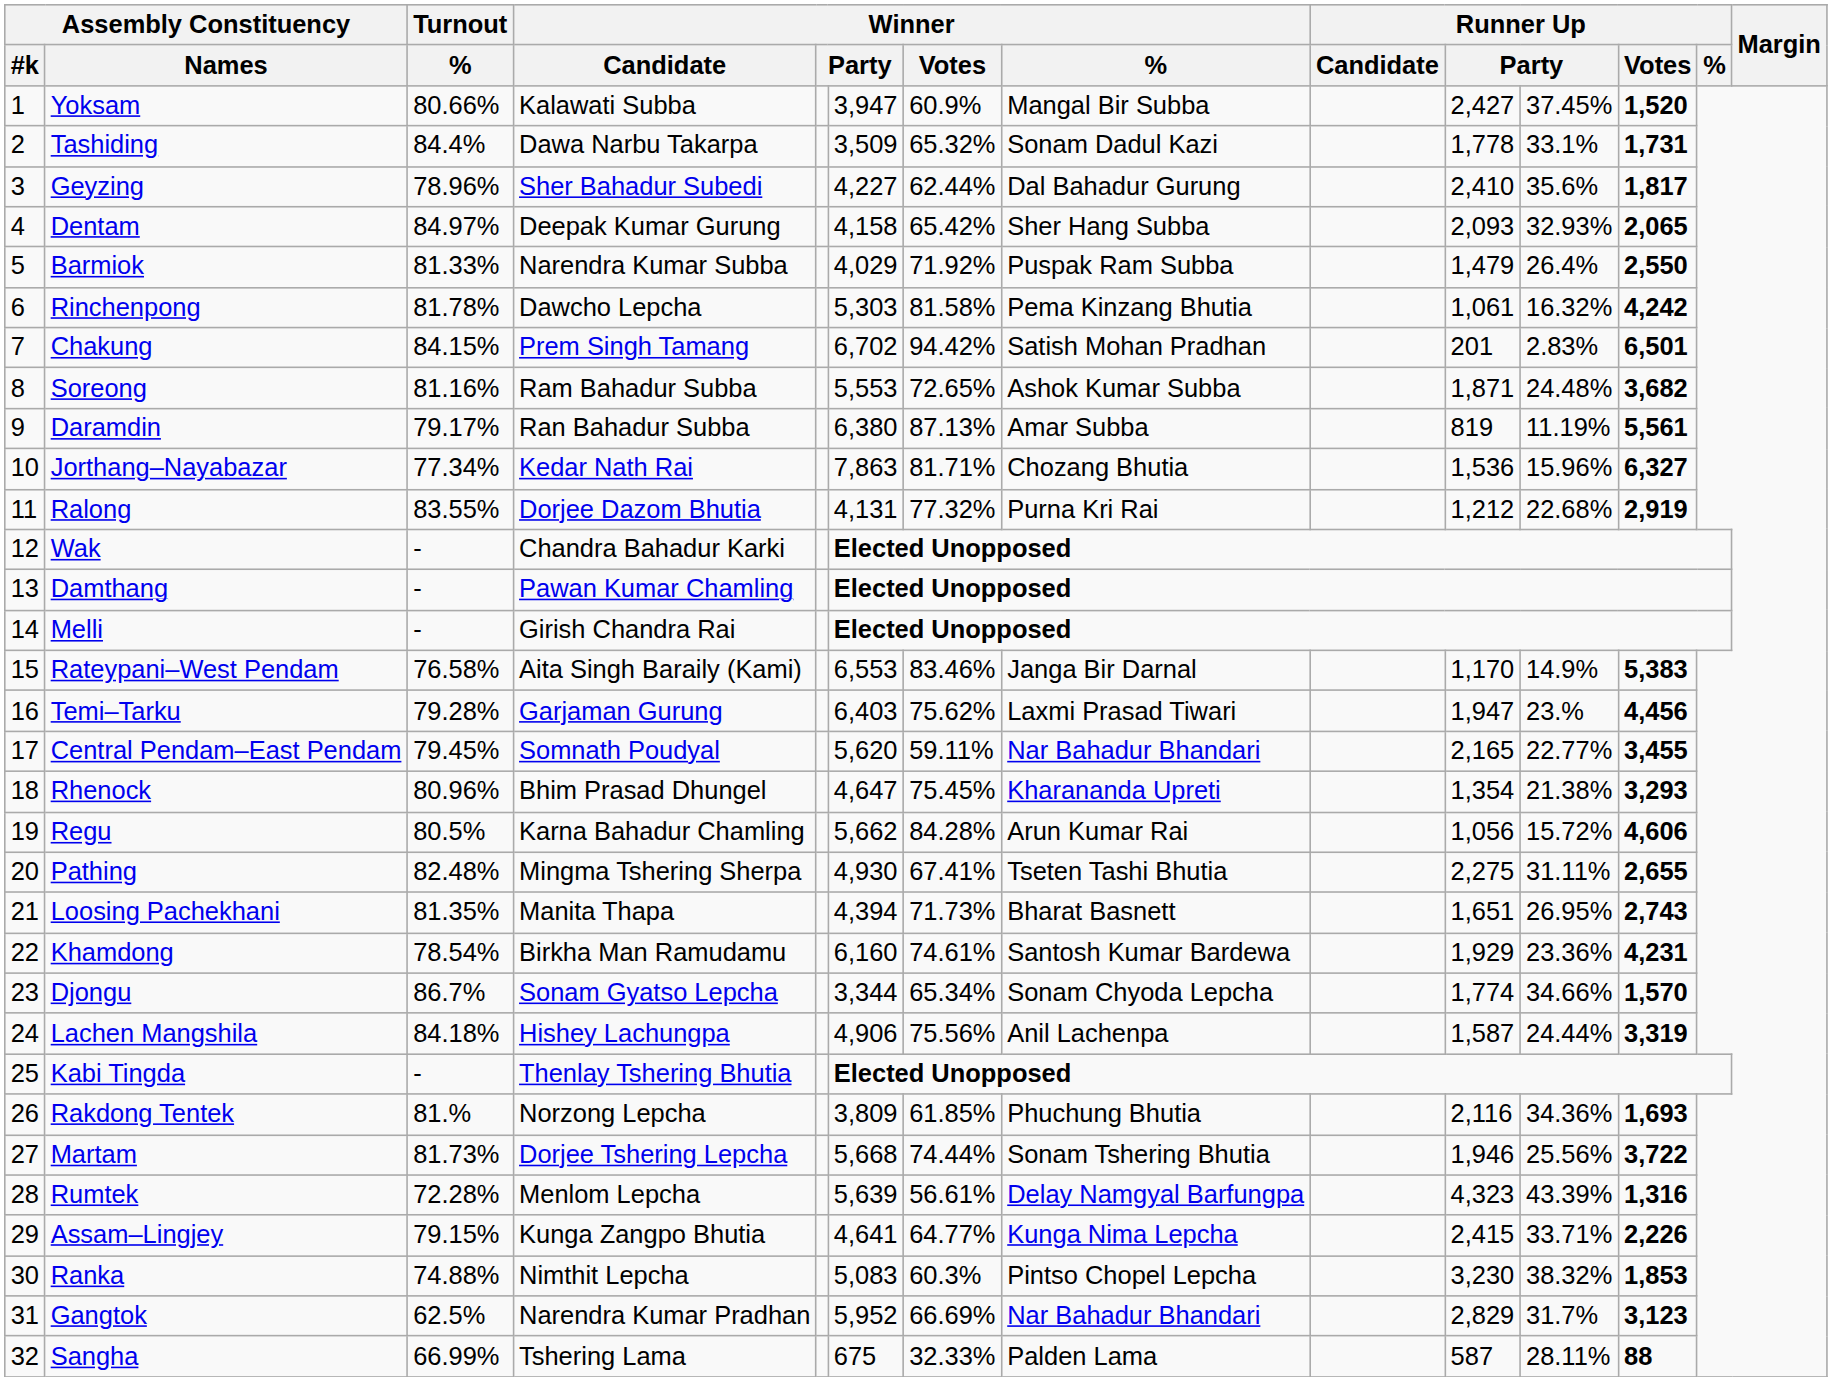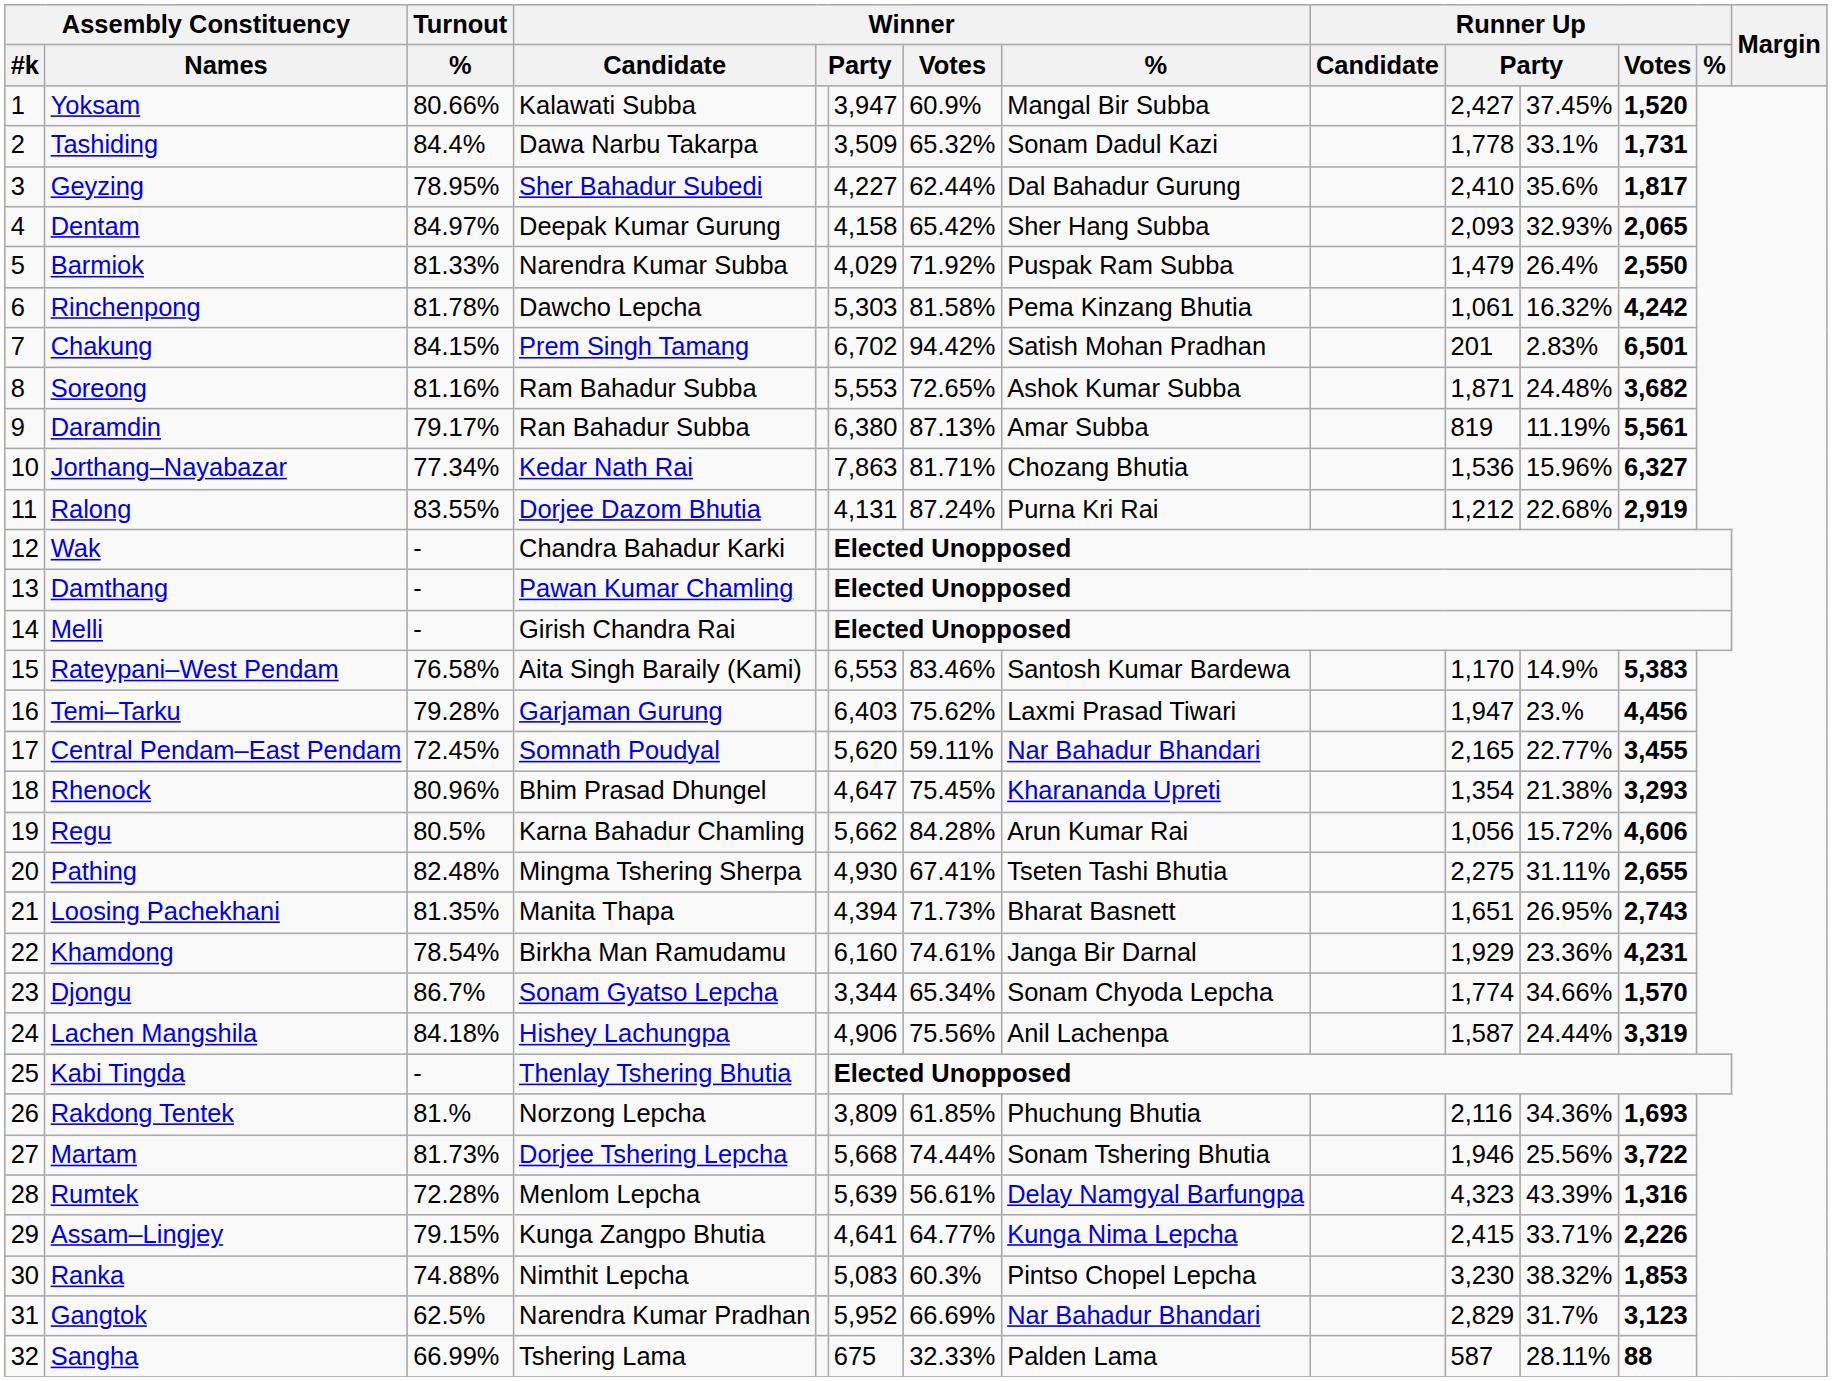 <table class="wikitable sortable">
 <tr>
 <th colspan="2">Assembly Constituency</th>
 <th>Turnout</th>
 <th colspan="5">Winner</th>
 <th colspan="5">Runner Up</th>
 <th rowspan="2" data-sort-type=number>Margin</th>
 </tr>
 <tr>
 <th>#k</th>
 <th>Names</th>
 <th>%</th>
 <th>Candidate</th>
 <th colspan="2">Party</th>
 <th data-sort-type=number>Votes</th>
 <th>%</th>
 <th>Candidate</th>
 <th colspan="2">Party</th>
 <th data-sort-type=number>Votes</th>
 <th>%</th>
 </tr>
 <tr>
 <td>1</td>
 <td><a href='#'>Yoksam</a></td>
 <td>80.66%</td>
 <td>Kalawati Subba</td>
 <td></td>
 <td>3,947</td>
 <td>60.9%</td>
 <td>Mangal Bir Subba</td>
 <td></td>
 <td>2,427</td>
 <td>37.45%</td>
 <td style="background:"><span><strong>1,520</strong></span></td>
 </tr>
 <tr>
 <td>2</td>
 <td><a href='#'>Tashiding</a></td>
 <td>84.4%</td>
 <td>Dawa Narbu Takarpa</td>
 <td></td>
 <td>3,509</td>
 <td>65.32%</td>
 <td>Sonam Dadul Kazi</td>
 <td></td>
 <td>1,778</td>
 <td>33.1%</td>
 <td style="background:"><span><strong>1,731</strong></span></td>
 </tr>
 <tr>
 <td>3</td>
 <td><a href='#'>Geyzing</a></td>
-<td>78.96%</td>
+<td>78.95%</td>
 <td><a href='#'>Sher Bahadur Subedi</a></td>
 <td></td>
 <td>4,227</td>
 <td>62.44%</td>
 <td>Dal Bahadur Gurung</td>
 <td></td>
 <td>2,410</td>
 <td>35.6%</td>
 <td style="background:"><span><strong>1,817</strong></span></td>
 </tr>
 <tr>
 <td>4</td>
 <td><a href='#'>Dentam</a></td>
 <td>84.97%</td>
 <td>Deepak Kumar Gurung</td>
 <td></td>
 <td>4,158</td>
 <td>65.42%</td>
 <td>Sher Hang Subba</td>
 <td></td>
 <td>2,093</td>
 <td>32.93%</td>
 <td style="background:"><span><strong>2,065</strong></span></td>
 </tr>
 <tr>
 <td>5</td>
 <td><a href='#'>Barmiok</a></td>
 <td>81.33%</td>
 <td>Narendra Kumar Subba</td>
 <td></td>
 <td>4,029</td>
 <td>71.92%</td>
 <td>Puspak Ram Subba</td>
 <td></td>
 <td>1,479</td>
 <td>26.4%</td>
 <td style="background:"><span><strong>2,550</strong></span></td>
 </tr>
 <tr>
 <td>6</td>
 <td><a href='#'>Rinchenpong</a></td>
 <td>81.78%</td>
 <td>Dawcho Lepcha</td>
 <td></td>
 <td>5,303</td>
 <td>81.58%</td>
 <td>Pema Kinzang Bhutia</td>
 <td></td>
 <td>1,061</td>
 <td>16.32%</td>
 <td style="background:"><span><strong>4,242</strong></span></td>
 </tr>
 <tr>
 <td>7</td>
 <td><a href='#'>Chakung</a></td>
 <td>84.15%</td>
 <td><a href='#'>Prem Singh Tamang</a></td>
 <td></td>
 <td>6,702</td>
 <td>94.42%</td>
 <td>Satish Mohan Pradhan</td>
 <td></td>
 <td>201</td>
 <td>2.83%</td>
 <td style="background:"><span><strong>6,501</strong></span></td>
 </tr>
 <tr>
 <td>8</td>
 <td><a href='#'>Soreong</a></td>
 <td>81.16%</td>
 <td>Ram Bahadur Subba</td>
 <td></td>
 <td>5,553</td>
 <td>72.65%</td>
 <td>Ashok Kumar Subba</td>
 <td></td>
 <td>1,871</td>
 <td>24.48%</td>
 <td style="background:"><span><strong>3,682</strong></span></td>
 </tr>
 <tr>
 <td>9</td>
 <td><a href='#'>Daramdin</a></td>
 <td>79.17%</td>
 <td>Ran Bahadur Subba</td>
 <td></td>
 <td>6,380</td>
 <td>87.13%</td>
 <td>Amar Subba</td>
 <td></td>
 <td>819</td>
 <td>11.19%</td>
 <td style="background:"><span><strong>5,561</strong></span></td>
 </tr>
 <tr>
 <td>10</td>
 <td><a href='#'>Jorthang–Nayabazar</a></td>
 <td>77.34%</td>
 <td><a href='#'>Kedar Nath Rai</a></td>
 <td></td>
 <td>7,863</td>
 <td>81.71%</td>
 <td>Chozang Bhutia</td>
 <td></td>
 <td>1,536</td>
 <td>15.96%</td>
 <td style="background:"><span><strong>6,327</strong></span></td>
 </tr>
 <tr>
 <td>11</td>
 <td><a href='#'>Ralong</a></td>
 <td>83.55%</td>
 <td><a href='#'>Dorjee Dazom Bhutia</a></td>
 <td></td>
 <td>4,131</td>
-<td>77.32%</td>
+<td>87.24%</td>
 <td>Purna Kri Rai</td>
 <td></td>
 <td>1,212</td>
 <td>22.68%</td>
 <td style="background:"><span><strong>2,919</strong></span></td>
 </tr>
 <tr>
 <td>12</td>
 <td><a href='#'>Wak</a></td>
 <td>-</td>
 <td>Chandra Bahadur Karki</td>
 <td></td>
 <td colspan=8><strong>Elected Unopposed</strong></td>
 </tr>
 <tr>
 <td>13</td>
 <td><a href='#'>Damthang</a></td>
 <td>-</td>
 <td><a href='#'>Pawan Kumar Chamling</a></td>
 <td></td>
 <td colspan=8><strong>Elected Unopposed</strong></td>
 </tr>
 <tr>
 <td>14</td>
 <td><a href='#'>Melli</a></td>
 <td>-</td>
 <td>Girish Chandra Rai</td>
 <td></td>
 <td colspan=8><strong>Elected Unopposed</strong></td>
 </tr>
 <tr>
 <td>15</td>
 <td><a href='#'>Rateypani–West Pendam</a></td>
 <td>76.58%</td>
 <td>Aita Singh Baraily (Kami)</td>
 <td></td>
 <td>6,553</td>
 <td>83.46%</td>
-<td>Janga Bir Darnal</td>
+<td>Santosh Kumar Bardewa</td>
 <td></td>
 <td>1,170</td>
 <td>14.9%</td>
 <td style="background:"><span><strong>5,383</strong></span></td>
 </tr>
 <tr>
 <td>16</td>
 <td><a href='#'>Temi–Tarku</a></td>
 <td>79.28%</td>
 <td><a href='#'>Garjaman Gurung</a></td>
 <td></td>
 <td>6,403</td>
 <td>75.62%</td>
 <td>Laxmi Prasad Tiwari</td>
 <td></td>
 <td>1,947</td>
 <td>23.%</td>
 <td style="background:"><span><strong>4,456</strong></span></td>
 </tr>
 <tr>
 <td>17</td>
 <td><a href='#'>Central Pendam–East Pendam</a></td>
-<td>79.45%</td>
+<td>72.45%</td>
 <td><a href='#'>Somnath Poudyal</a></td>
 <td></td>
 <td>5,620</td>
 <td>59.11%</td>
 <td><a href='#'>Nar Bahadur Bhandari</a></td>
 <td></td>
 <td>2,165</td>
 <td>22.77%</td>
 <td style="background:"><span><strong>3,455</strong></span></td>
 </tr>
 <tr>
 <td>18</td>
 <td><a href='#'>Rhenock</a></td>
 <td>80.96%</td>
 <td>Bhim Prasad Dhungel</td>
 <td></td>
 <td>4,647</td>
 <td>75.45%</td>
 <td><a href='#'>Kharananda Upreti</a></td>
 <td></td>
 <td>1,354</td>
 <td>21.38%</td>
 <td style="background:"><span><strong>3,293</strong></span></td>
 </tr>
 <tr>
 <td>19</td>
 <td><a href='#'>Regu</a></td>
 <td>80.5%</td>
 <td>Karna Bahadur Chamling</td>
 <td></td>
 <td>5,662</td>
 <td>84.28%</td>
 <td>Arun Kumar Rai</td>
 <td></td>
 <td>1,056</td>
 <td>15.72%</td>
 <td style="background:"><span><strong>4,606</strong></span></td>
 </tr>
 <tr>
 <td>20</td>
 <td><a href='#'>Pathing</a></td>
 <td>82.48%</td>
 <td>Mingma Tshering Sherpa</td>
 <td></td>
 <td>4,930</td>
 <td>67.41%</td>
 <td>Tseten Tashi Bhutia</td>
 <td></td>
 <td>2,275</td>
 <td>31.11%</td>
 <td style="background:"><span><strong>2,655</strong></span></td>
 </tr>
 <tr>
 <td>21</td>
 <td><a href='#'>Loosing Pachekhani</a></td>
 <td>81.35%</td>
 <td>Manita Thapa</td>
 <td></td>
 <td>4,394</td>
 <td>71.73%</td>
 <td>Bharat Basnett</td>
 <td></td>
 <td>1,651</td>
 <td>26.95%</td>
 <td style="background:"><span><strong>2,743</strong></span></td>
 </tr>
 <tr>
 <td>22</td>
 <td><a href='#'>Khamdong</a></td>
 <td>78.54%</td>
 <td>Birkha Man Ramudamu</td>
 <td></td>
 <td>6,160</td>
 <td>74.61%</td>
-<td>Santosh Kumar Bardewa</td>
+<td>Janga Bir Darnal</td>
 <td></td>
 <td>1,929</td>
 <td>23.36%</td>
 <td style="background:"><span><strong>4,231</strong></span></td>
 </tr>
 <tr>
 <td>23</td>
 <td><a href='#'>Djongu</a></td>
 <td>86.7%</td>
 <td><a href='#'>Sonam Gyatso Lepcha</a></td>
 <td></td>
 <td>3,344</td>
 <td>65.34%</td>
 <td>Sonam Chyoda Lepcha</td>
 <td></td>
 <td>1,774</td>
 <td>34.66%</td>
 <td style="background:"><span><strong>1,570</strong></span></td>
 </tr>
 <tr>
 <td>24</td>
 <td><a href='#'>Lachen Mangshila</a></td>
 <td>84.18%</td>
 <td><a href='#'>Hishey Lachungpa</a></td>
 <td></td>
 <td>4,906</td>
 <td>75.56%</td>
 <td>Anil Lachenpa</td>
 <td></td>
 <td>1,587</td>
 <td>24.44%</td>
 <td style="background:"><span><strong>3,319</strong></span></td>
 </tr>
 <tr>
 <td>25</td>
 <td><a href='#'>Kabi Tingda</a></td>
 <td>-</td>
 <td><a href='#'>Thenlay Tshering Bhutia</a></td>
 <td></td>
 <td colspan=8><strong>Elected Unopposed</strong></td>
 </tr>
 <tr>
 <td>26</td>
 <td><a href='#'>Rakdong Tentek</a></td>
 <td>81.%</td>
 <td>Norzong Lepcha</td>
 <td></td>
 <td>3,809</td>
 <td>61.85%</td>
 <td>Phuchung Bhutia</td>
 <td></td>
 <td>2,116</td>
 <td>34.36%</td>
 <td style="background:"><span><strong>1,693</strong></span></td>
 </tr>
 <tr>
 <td>27</td>
 <td><a href='#'>Martam</a></td>
 <td>81.73%</td>
 <td><a href='#'>Dorjee Tshering Lepcha</a></td>
 <td></td>
 <td>5,668</td>
 <td>74.44%</td>
 <td>Sonam Tshering Bhutia</td>
 <td></td>
 <td>1,946</td>
 <td>25.56%</td>
 <td style="background:"><span><strong>3,722</strong></span></td>
 </tr>
 <tr>
 <td>28</td>
 <td><a href='#'>Rumtek</a></td>
 <td>72.28%</td>
 <td>Menlom Lepcha</td>
 <td></td>
 <td>5,639</td>
 <td>56.61%</td>
 <td><a href='#'>Delay Namgyal Barfungpa</a></td>
 <td></td>
 <td>4,323</td>
 <td>43.39%</td>
 <td style="background:"><span><strong>1,316</strong></span></td>
 </tr>
 <tr>
 <td>29</td>
 <td><a href='#'>Assam–Lingjey</a></td>
 <td>79.15%</td>
 <td>Kunga Zangpo Bhutia</td>
 <td></td>
 <td>4,641</td>
 <td>64.77%</td>
 <td><a href='#'>Kunga Nima Lepcha</a></td>
 <td></td>
 <td>2,415</td>
 <td>33.71%</td>
 <td style="background:"><span><strong>2,226</strong></span></td>
 </tr>
 <tr>
 <td>30</td>
 <td><a href='#'>Ranka</a></td>
 <td>74.88%</td>
 <td>Nimthit Lepcha</td>
 <td></td>
 <td>5,083</td>
 <td>60.3%</td>
 <td>Pintso Chopel Lepcha</td>
 <td></td>
 <td>3,230</td>
 <td>38.32%</td>
 <td style="background:"><span><strong>1,853</strong></span></td>
 </tr>
 <tr>
 <td>31</td>
 <td><a href='#'>Gangtok</a></td>
 <td>62.5%</td>
 <td>Narendra Kumar Pradhan</td>
 <td></td>
 <td>5,952</td>
 <td>66.69%</td>
 <td><a href='#'>Nar Bahadur Bhandari</a></td>
 <td></td>
 <td>2,829</td>
 <td>31.7%</td>
 <td style="background:"><span><strong>3,123</strong></span></td>
 </tr>
 <tr>
 <td>32</td>
 <td><a href='#'>Sangha</a></td>
 <td>66.99%</td>
 <td>Tshering Lama</td>
 <td></td>
 <td>675</td>
 <td>32.33%</td>
 <td>Palden Lama</td>
 <td></td>
 <td>587</td>
 <td>28.11%</td>
 <td style="background:"><span><strong>88</strong></span></td>
 </tr>
 </table>
